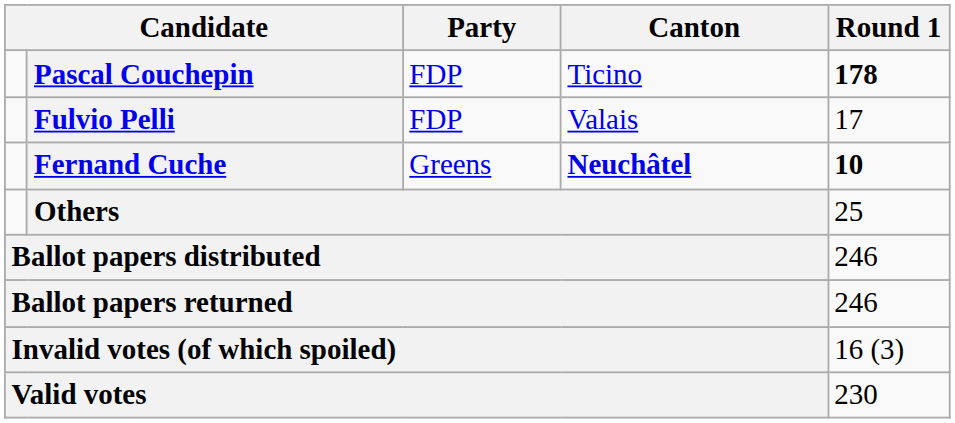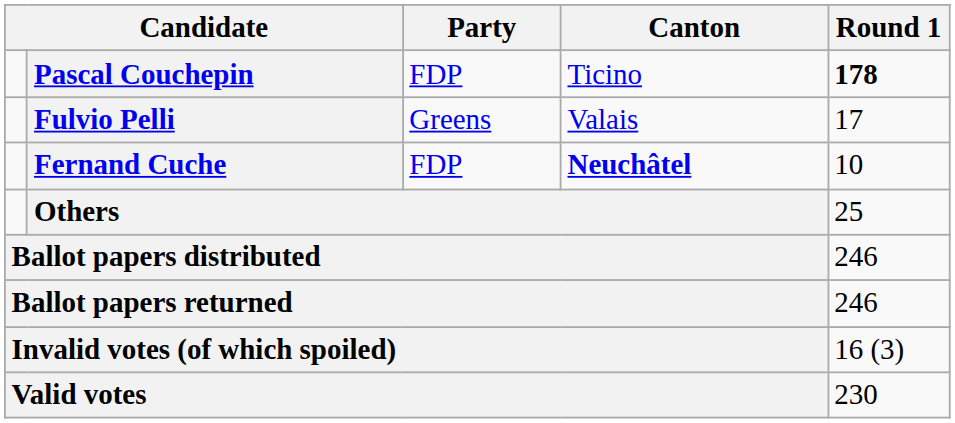 <table class="wikitable">
 <tr>
 <th colspan=2>Candidate</th>
 <th>Party</th>
 <th>Canton</th>
 <th>Round 1</th>
 </tr>
 <tr>
 <td width=5px style="background-color: "></td>
 <td width=200px style="background-color:#F2F2F2"><strong><a href='#'>Pascal Couchepin</a></strong></td>
 <td width=80px><a href='#'>FDP</a></td>
 <td><a href='#'>Ticino</a></td>
 <td width=60px><strong>178</strong></td>
 </tr>
 <tr>
 <td style="background-color: "></td>
 <td style="background-color:#F2F2F2"><strong><a href='#'>Fulvio Pelli</a></strong></td>
-<td><a href='#'>FDP</a></td>
+<td><a href='#'>Greens</a></td>
 <td width=140px><a href='#'>Valais</a></td>
 <td>17</td>
 </tr>
 <tr>
 <td style="background-color: "></td>
 <td style="background-color:#F2F2F2"><strong><a href='#'>Fernand Cuche</a></strong></td>
-<td><a href='#'>Greens</a></td>
+<td><a href='#'>FDP</a></td>
 <td><strong><a href='#'>Neuchâtel</a></strong></td>
-<td><strong>10</strong></td>
+<td>10</td>
 </tr>
 <tr>
 <td></td>
 <td colspan=3 style="background-color:#F2F2F2"><strong>Others</strong></td>
 <td>25</td>
 </tr>
 <tr>
 <td colspan=4 style="background-color:#F2F2F2"><strong>Ballot papers distributed</strong></td>
 <td>246</td>
 </tr>
 <tr>
 <td colspan=4 style="background-color:#F2F2F2"><strong>Ballot papers returned</strong></td>
 <td>246</td>
 </tr>
 <tr>
 <td colspan=4 style="background-color:#F2F2F2"><strong>Invalid votes (of which spoiled)</strong></td>
 <td>16 (3)</td>
 </tr>
 <tr>
 <td colspan=4 style="background-color:#F2F2F2"><strong>Valid votes</strong></td>
 <td>230</td>
 </tr>
 </table>
